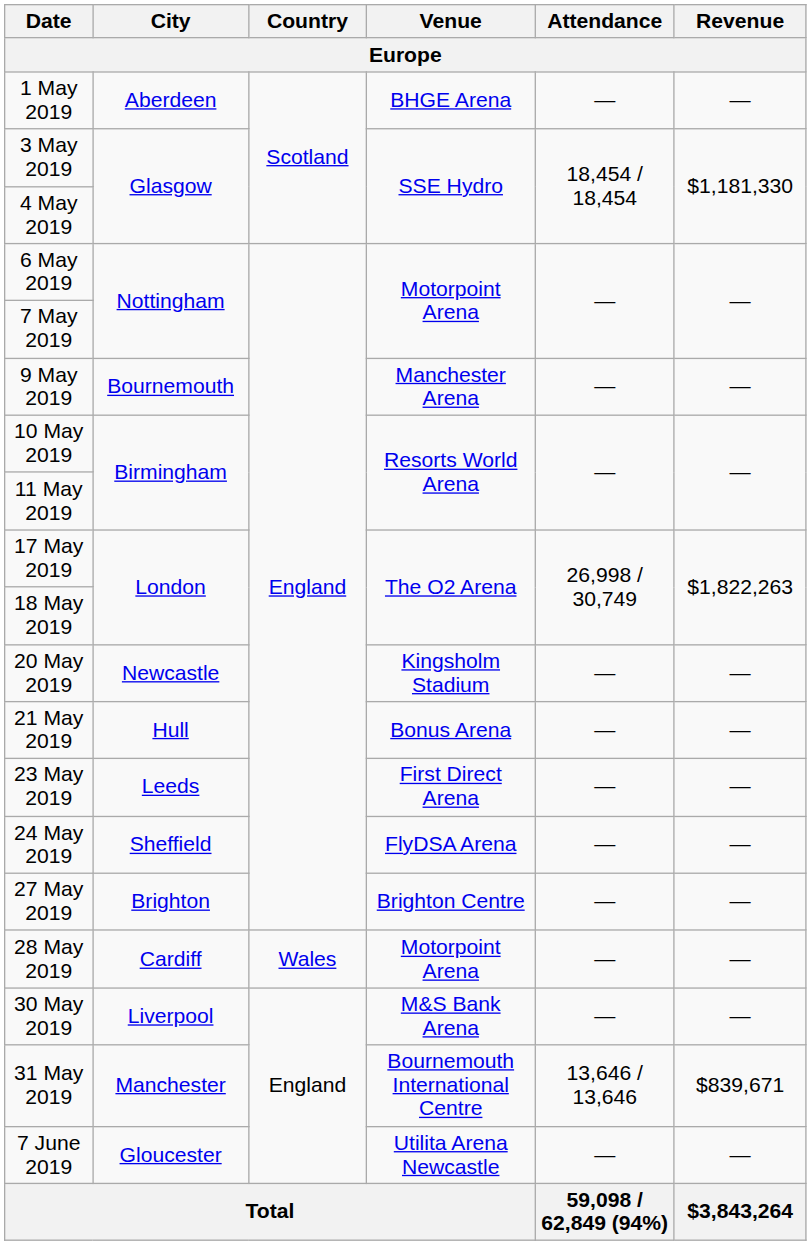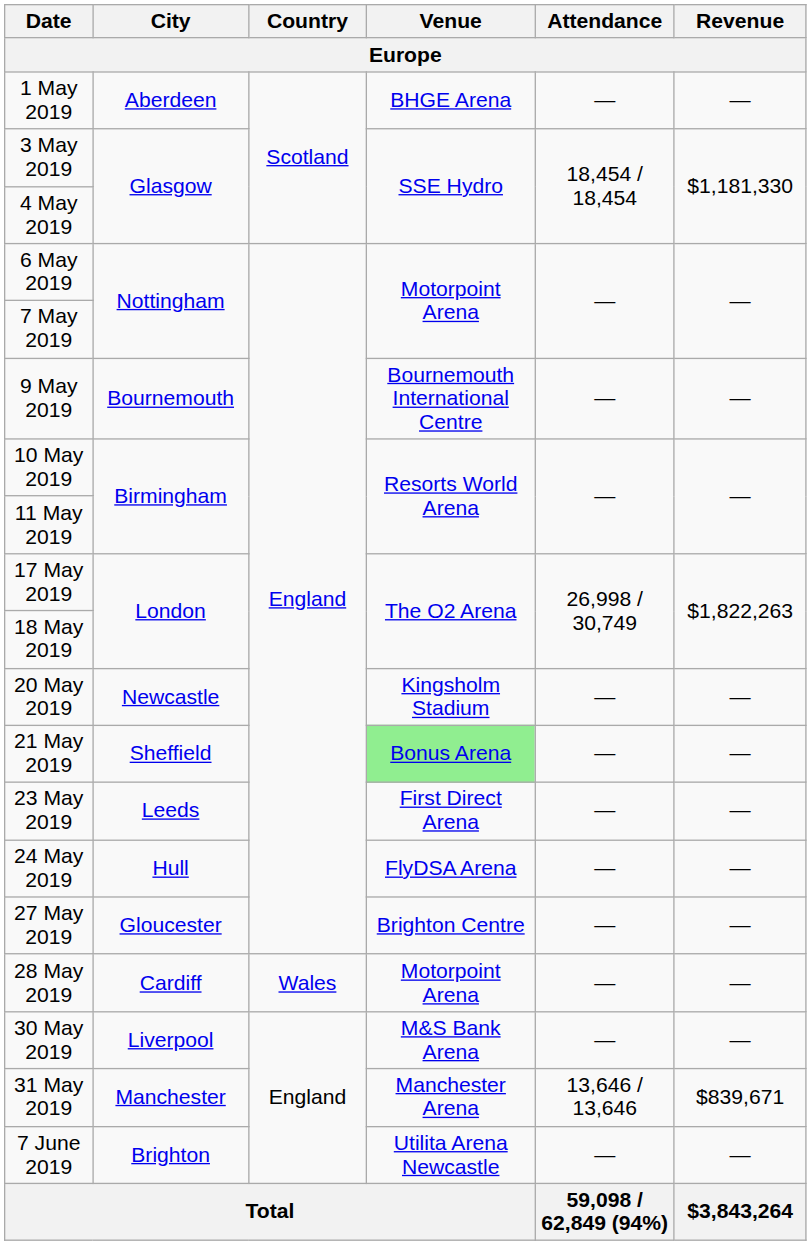 <table class="wikitable plainrowheaders" style="text-align:center;">
 <tr>
 <th scope="col" style="width:12em;">Date</th>
 <th scope="col" style="width:12em;">City</th>
 <th scope="col" style="width:12em;">Country</th>
 <th scope="col" style="width:16em;">Venue</th>
 <th scope="col" style="width:10em;">Attendance</th>
 <th scope="col" style="width:10em;">Revenue</th>
 </tr>
 <tr>
 <th colspan="6">Europe</th>
 </tr>
 <tr>
 <td>1 May 2019</td>
 <td><a href='#'>Aberdeen</a></td>
 <td rowspan="3"><a href='#'>Scotland</a></td>
 <td><a href='#'>BHGE Arena</a></td>
 <td>—</td>
 <td>—</td>
 </tr>
 <tr>
 <td>3 May 2019</td>
 <td rowspan="2"><a href='#'>Glasgow</a></td>
 <td rowspan="2"><a href='#'>SSE Hydro</a></td>
 <td rowspan="2">18,454 / 18,454</td>
 <td rowspan="2">$1,181,330</td>
 </tr>
 <tr>
 <td>4 May 2019</td>
 </tr>
 <tr>
 <td>6 May 2019</td>
 <td rowspan="2"><a href='#'>Nottingham</a></td>
 <td rowspan="12"><a href='#'>England</a></td>
 <td rowspan="2"><a href='#'>Motorpoint Arena</a></td>
 <td rowspan="2">—</td>
 <td rowspan="2">—</td>
 </tr>
 <tr>
 <td>7 May 2019</td>
 </tr>
 <tr>
 <td>9 May 2019</td>
 <td><a href='#'>Bournemouth</a></td>
-<td><a href='#'>Manchester Arena</a></td>
+<td><a href='#'>Bournemouth International Centre</a></td>
 <td>—</td>
 <td>—</td>
 </tr>
 <tr>
 <td>10 May 2019</td>
 <td rowspan="2"><a href='#'>Birmingham</a></td>
 <td rowspan="2"><a href='#'>Resorts World Arena</a></td>
 <td rowspan="2">—</td>
 <td rowspan="2">—</td>
 </tr>
 <tr>
 <td>11 May 2019</td>
 </tr>
 <tr>
 <td>17 May 2019</td>
 <td rowspan="2"><a href='#'>London</a></td>
 <td rowspan="2"><a href='#'>The O2 Arena</a></td>
 <td rowspan="2">26,998 / 30,749</td>
 <td rowspan="2">$1,822,263</td>
 </tr>
 <tr>
 <td>18 May 2019</td>
 </tr>
 <tr>
 <td>20 May 2019</td>
 <td><a href='#'>Newcastle</a></td>
 <td><a href='#'>Kingsholm Stadium</a></td>
 <td>—</td>
 <td>—</td>
 </tr>
 <tr>
 <td>21 May 2019</td>
-<td><a href='#'>Hull</a></td>
-<td><a href='#'>Bonus Arena</a></td>
+<td><a href='#'>Sheffield</a></td>
+<td style="background: lightgreen;"><a href='#'>Bonus Arena</a></td>
 <td>—</td>
 <td>—</td>
 </tr>
 <tr>
 <td>23 May 2019</td>
 <td><a href='#'>Leeds</a></td>
 <td><a href='#'>First Direct Arena</a></td>
 <td>—</td>
 <td>—</td>
 </tr>
 <tr>
 <td>24 May 2019</td>
-<td><a href='#'>Sheffield</a></td>
+<td><a href='#'>Hull</a></td>
 <td><a href='#'>FlyDSA Arena</a></td>
 <td>—</td>
 <td>—</td>
 </tr>
 <tr>
 <td>27 May 2019</td>
-<td><a href='#'>Brighton</a></td>
+<td><a href='#'>Gloucester</a></td>
 <td><a href='#'>Brighton Centre</a></td>
 <td>—</td>
 <td>—</td>
 </tr>
 <tr>
 <td>28 May 2019</td>
 <td><a href='#'>Cardiff</a></td>
 <td><a href='#'>Wales</a></td>
 <td><a href='#'>Motorpoint Arena</a></td>
 <td>—</td>
 <td>—</td>
 </tr>
 <tr>
 <td>30 May 2019</td>
 <td><a href='#'>Liverpool</a></td>
 <td rowspan="3">England</td>
 <td><a href='#'>M&S Bank Arena</a></td>
 <td>—</td>
 <td>—</td>
 </tr>
 <tr>
 <td>31 May 2019</td>
 <td><a href='#'>Manchester</a></td>
-<td><a href='#'>Bournemouth International Centre</a></td>
+<td><a href='#'>Manchester Arena</a></td>
 <td>13,646 / 13,646</td>
 <td>$839,671</td>
 </tr>
 <tr>
 <td>7 June 2019</td>
-<td><a href='#'>Gloucester</a></td>
+<td><a href='#'>Brighton</a></td>
 <td><a href='#'>Utilita Arena Newcastle</a></td>
 <td>—</td>
 <td>—</td>
 </tr>
 <tr>
 <th colspan="4">Total</th>
 <th><strong>59,098 / 62,849 (94%)</strong></th>
 <th>$3,843,264</th>
 </tr>
 </table>
